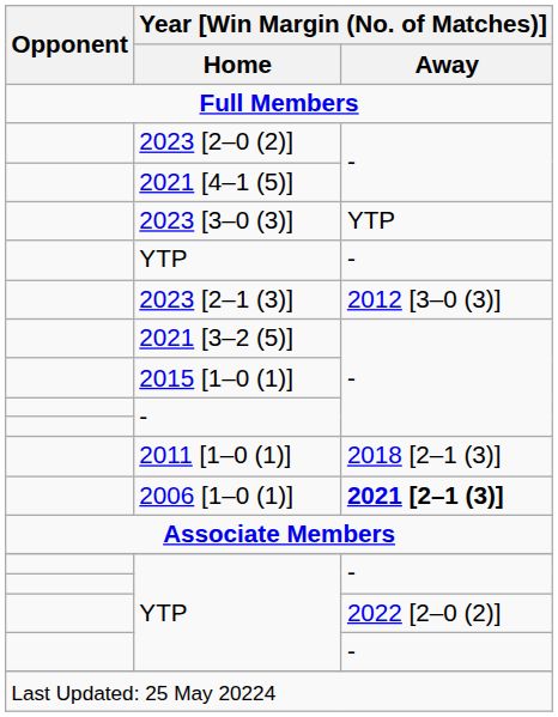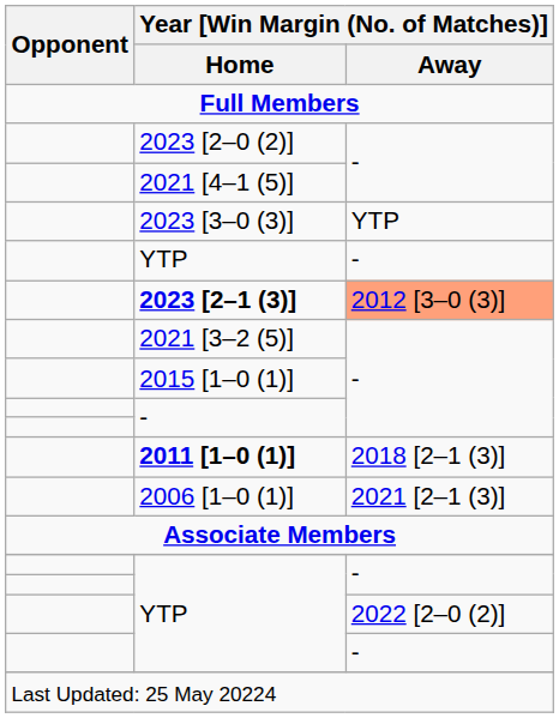 <table class="wikitable plainrowheaders sortable">
 <tr>
 <th rowspan=2>Opponent</th>
 <th colspan=2>Year [Win Margin (No. of Matches)]</th>
 </tr>
 <tr>
 <th>Home</th>
 <th>Away</th>
 </tr>
 <tr>
 <td colspan="9" style="text-align: center;"><strong><a href='#'>Full Members</a></strong></td>
 </tr>
 <tr>
 <td></td>
 <td><a href='#'>2023</a>  [2–0 (2)]</td>
 <td rowspan=2>-</td>
 </tr>
 <tr>
 <td></td>
 <td><a href='#'>2021</a> [4–1 (5)]</td>
 </tr>
 <tr>
 <td></td>
 <td><a href='#'>2023</a> [3–0 (3)]</td>
 <td>YTP</td>
 </tr>
 <tr>
 <td></td>
 <td>YTP</td>
 <td>-</td>
 </tr>
 <tr>
 <td></td>
-<td><a href='#'>2023</a> [2–1 (3)]</td>
-<td><a href='#'>2012</a> [3–0 (3)]</td>
+<td><strong><a href='#'>2023</a> [2–1 (3)]</strong></td>
+<td style="background: lightsalmon;"><a href='#'>2012</a> [3–0 (3)]</td>
 </tr>
 <tr>
 <td></td>
 <td><a href='#'>2021</a> [3–2 (5)]</td>
 <td rowspan=4>-</td>
 </tr>
 <tr>
 <td></td>
 <td><a href='#'>2015</a> [1–0 (1)]</td>
 </tr>
 <tr>
 <td></td>
 <td rowspan=2>-</td>
 </tr>
 <tr>
 <td></td>
 </tr>
 <tr>
 <td></td>
-<td><a href='#'>2011</a> [1–0 (1)]</td>
+<td><strong><a href='#'>2011</a> [1–0 (1)]</strong></td>
 <td><a href='#'>2018</a> [2–1 (3)]</td>
 </tr>
 <tr>
 <td></td>
 <td><a href='#'>2006</a> [1–0 (1)]</td>
-<td><strong><a href='#'>2021</a> [2–1 (3)]</strong></td>
+<td><a href='#'>2021</a> [2–1 (3)]</td>
 </tr>
 <tr>
 <td colspan="9" style="text-align: center;"><strong><a href='#'>Associate Members</a></strong></td>
 </tr>
 <tr>
 </tr>
 <tr>
 <td></td>
 <td rowspan=4>YTP</td>
 <td rowspan=2>-</td>
 </tr>
 <tr>
 <td></td>
 </tr>
 <tr>
 <td></td>
 <td><a href='#'>2022</a> [2–0 (2)]</td>
 </tr>
 <tr>
 <td></td>
 <td>-</td>
 </tr>
 <tr>
 </tr>
 <tr class=sortbottom>
 <td colspan=3><small>Last Updated: 25 May 20224</small></td>
 </tr>
 </table>
